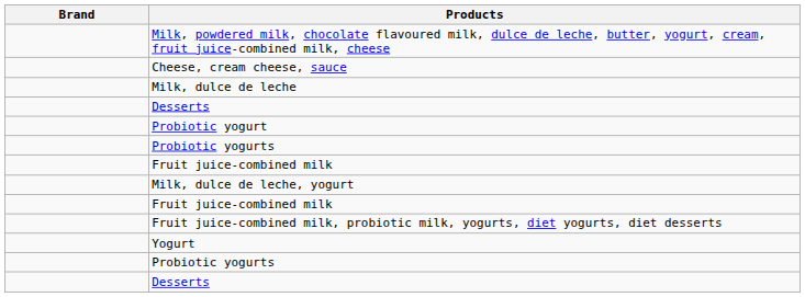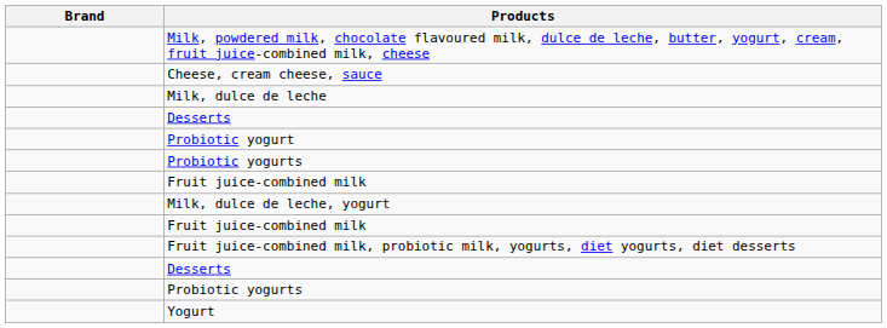 <table class="wikitable">
 <tr>
 <th width=150px>Brand</th>
 <th width=700px>Products</th>
 </tr>
 <tr>
 <td></td>
 <td><a href='#'>Milk</a>, <a href='#'>powdered milk</a>, <a href='#'>chocolate</a> flavoured milk, <a href='#'>dulce de leche</a>, <a href='#'>butter</a>, <a href='#'>yogurt</a>, <a href='#'>cream</a>, <a href='#'>fruit juice</a>-combined milk, <a href='#'>cheese</a></td>
 </tr>
 <tr>
 <td></td>
 <td>Cheese, cream cheese, <a href='#'>sauce</a></td>
 </tr>
 <tr>
 <td></td>
 <td>Milk, dulce de leche</td>
 </tr>
 <tr>
 <td></td>
 <td><a href='#'>Desserts</a></td>
 </tr>
 <tr>
 <td></td>
 <td><a href='#'>Probiotic</a> yogurt</td>
 </tr>
 <tr>
 <td></td>
 <td><a href='#'>Probiotic</a> yogurts</td>
 </tr>
 <tr>
 <td></td>
 <td>Fruit juice-combined milk</td>
 </tr>
 <tr>
 <td></td>
 <td>Milk, dulce de leche, yogurt</td>
 </tr>
 <tr>
 <td></td>
 <td>Fruit juice-combined milk</td>
 </tr>
 <tr>
 <td></td>
 <td>Fruit juice-combined milk, probiotic milk, yogurts, <a href='#'>diet</a> yogurts, diet desserts</td>
 </tr>
 <tr>
 <td></td>
-<td>Yogurt</td>
+<td><a href='#'>Desserts</a></td>
 </tr>
 <tr>
 <td></td>
 <td>Probiotic yogurts</td>
 </tr>
 <tr>
 <td></td>
-<td><a href='#'>Desserts</a></td>
+<td>Yogurt</td>
 </tr>
 </table>
